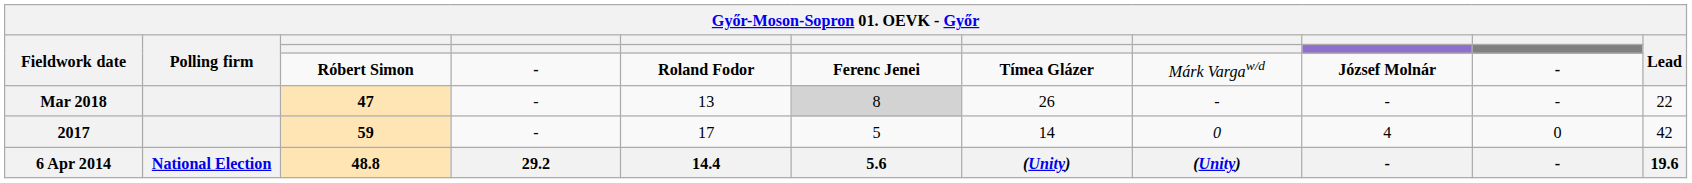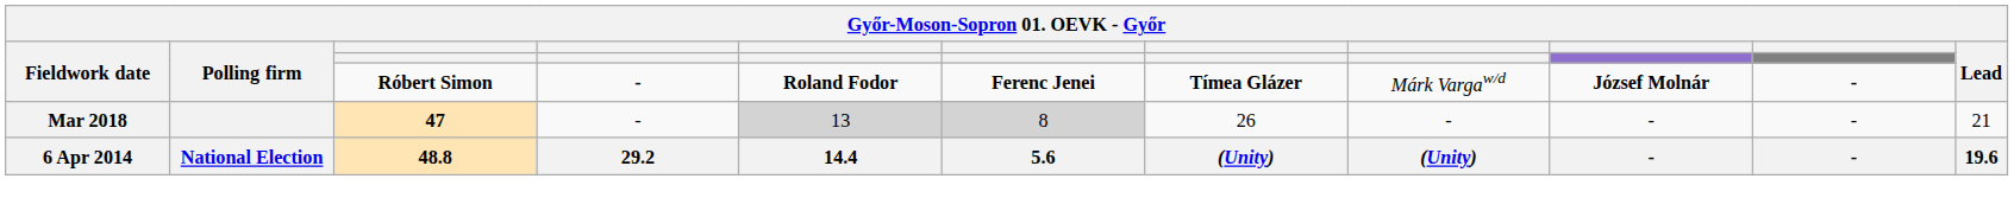 <table class="wikitable mw-collapsible mw-collapsed" style="text-align:center">
 <tr>
 <th colspan="11" style="width: 980pt;"><small><a href='#'>Győr-Moson-Sopron</a> 01. OEVK - <a href='#'>Győr</a></small></th>
 </tr>
 <tr>
 <th rowspan="3" style="width: 80pt;"><small>Fieldwork</small> <small>date</small></th>
 <th rowspan="3" style="width: 80pt;"><strong><small>Polling</small> <small>firm</small></strong></th>
 <th style="width: 100pt;"><small></small></th>
 <th style="width: 100pt;"><small> </small></th>
 <th style="width: 100pt;"></th>
 <th style="width: 100pt;"></th>
 <th style="width: 100pt;"></th>
 <th style="width: 100pt;"></th>
 <th style="width: 100pt;"></th>
 <th style="width: 100pt;"></th>
 <th rowspan="3" style="width: 20pt;"><small>Lead</small></th>
 </tr>
 <tr>
 <th style="color:inherit;background:"></th>
 <th style="color:inherit;background:"></th>
 <th style="color:inherit;background:"></th>
 <th style="color:inherit;background:"></th>
 <th style="color:inherit;background:"></th>
 <th style="color:inherit;background:"></th>
 <th style="color:inherit;background:#8E6FCE;"></th>
 <th style="color:inherit;background:#808080;"></th>
 </tr>
 <tr>
 <td><small><strong>Róbert Simon</strong></small></td>
 <td><small><strong>-</strong></small></td>
 <td><small><strong>Roland Fodor</strong></small></td>
 <td><small><strong>Ferenc Jenei</strong></small></td>
 <td><small><strong>Tímea Glázer</strong></small></td>
 <td><small><em>Márk Varga<sup>w/d</sup></em></small></td>
 <td><small><strong>József Molnár</strong></small></td>
 <td><small><strong>-</strong></small></td>
 </tr>
 <tr>
 <th><small>Mar 2018</small></th>
 <th><small></small></th>
 <td style="background:#FFE5B4"><small><strong>47</strong></small></td>
 <td><small>-</small></td>
-<td><small>13</small></td>
+<td style="background: lightgrey;"><small>13</small></td>
 <td style="background: lightgrey;"><small>8</small></td>
 <td><small>26</small></td>
 <td><small><em>-</em></small></td>
 <td><small>-</small></td>
 <td><small>-</small></td>
-<td style="background:"><small>22</small></td>
-</tr>
-<tr>
-<th><small>2017</small></th>
-<th><small></small></th>
-<td style="background:#FFE5B4"><small><strong>59</strong></small></td>
-<td><small>-</small></td>
-<td><small>17</small></td>
-<td><small>5</small></td>
-<td><small>14</small></td>
-<td><small><em>0</em></small></td>
-<td><small>4</small></td>
-<td><small>0</small></td>
-<td style="background:"><small>42</small></td>
+<td style="background:"><small>21</small></td>
 </tr>
 <tr>
 <th><small>6 Apr 2014</small></th>
 <th><a href='#'><small>National Election</small></a></th>
 <th style="background:#FFE5B4"><small><strong>48.8</strong></small></th>
 <th><small>29.2</small></th>
 <th><small>14.4</small></th>
 <th><small>5.6</small></th>
 <th><small><em>(<a href='#'>Unity</a>)</em></small></th>
 <th><small><em>(<a href='#'>Unity</a>)</em></small></th>
 <th><small>-</small></th>
 <th><small>-</small></th>
 <th style="background:"><small>19.6</small></th>
 </tr>
 </table>
